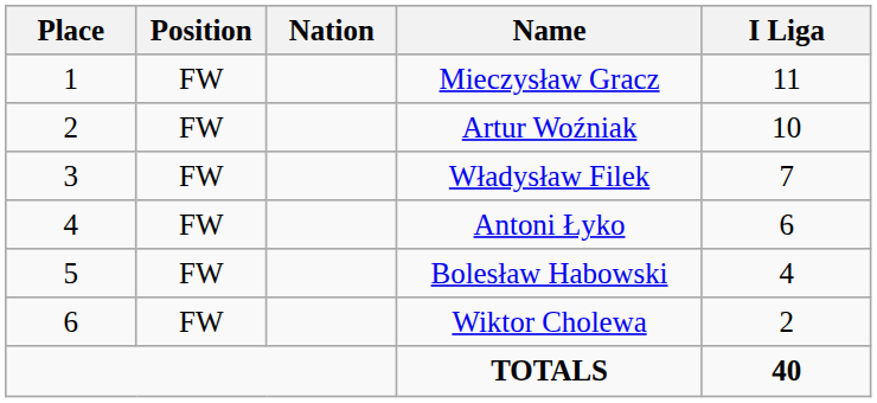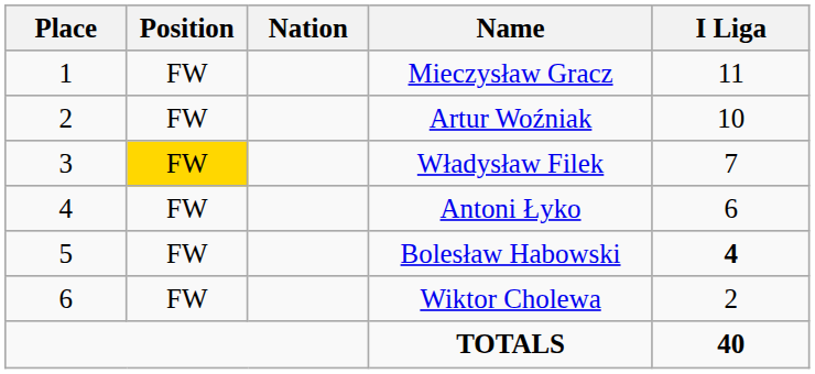 <table class="wikitable" style="font-size: 95%; text-align: center;">
 <tr>
 <th width=60>Place</th>
 <th width=60>Position</th>
 <th width=60>Nation</th>
 <th width=150>Name</th>
 <th width=80>I Liga</th>
 </tr>
 <tr>
 <td>1</td>
 <td>FW</td>
 <td></td>
 <td><a href='#'>Mieczysław Gracz</a></td>
 <td>11</td>
 </tr>
 <tr>
 <td>2</td>
 <td>FW</td>
 <td></td>
 <td><a href='#'>Artur Woźniak</a></td>
 <td>10</td>
 </tr>
 <tr>
 <td>3</td>
-<td>FW</td>
+<td style="background: gold;">FW</td>
 <td></td>
 <td><a href='#'>Władysław Filek</a></td>
 <td>7</td>
 </tr>
 <tr>
 <td>4</td>
 <td>FW</td>
 <td></td>
 <td><a href='#'>Antoni Łyko</a></td>
 <td>6</td>
 </tr>
 <tr>
 <td>5</td>
 <td>FW</td>
 <td></td>
 <td><a href='#'>Bolesław Habowski</a></td>
-<td>4</td>
+<td><strong>4</strong></td>
 </tr>
 <tr>
 <td>6</td>
 <td>FW</td>
 <td></td>
 <td><a href='#'>Wiktor Cholewa</a></td>
 <td>2</td>
 </tr>
 <tr>
 <td colspan="3"></td>
 <td><strong>TOTALS</strong></td>
 <td><strong>40</strong></td>
 </tr>
 </table>
